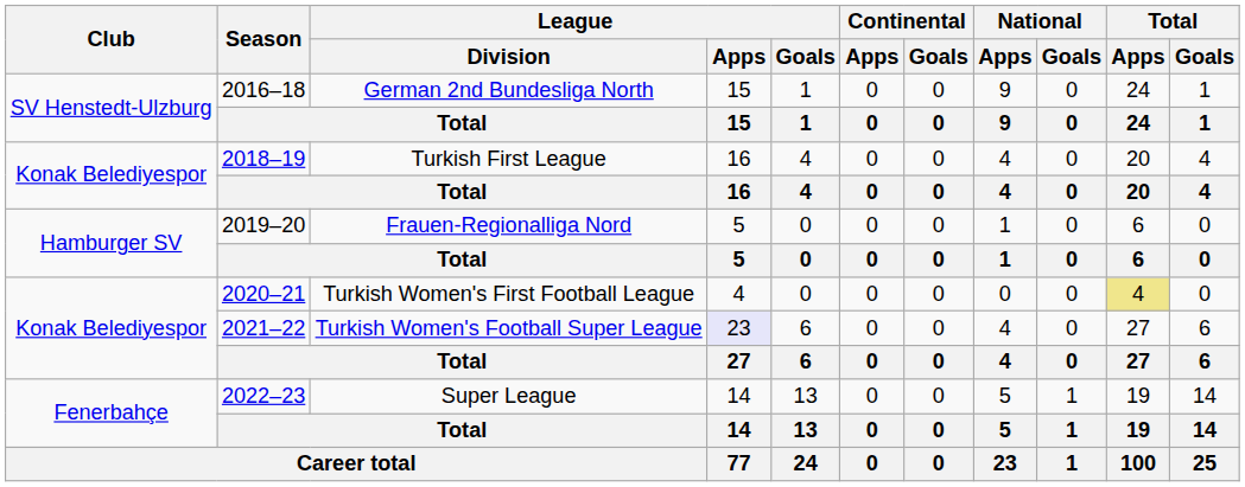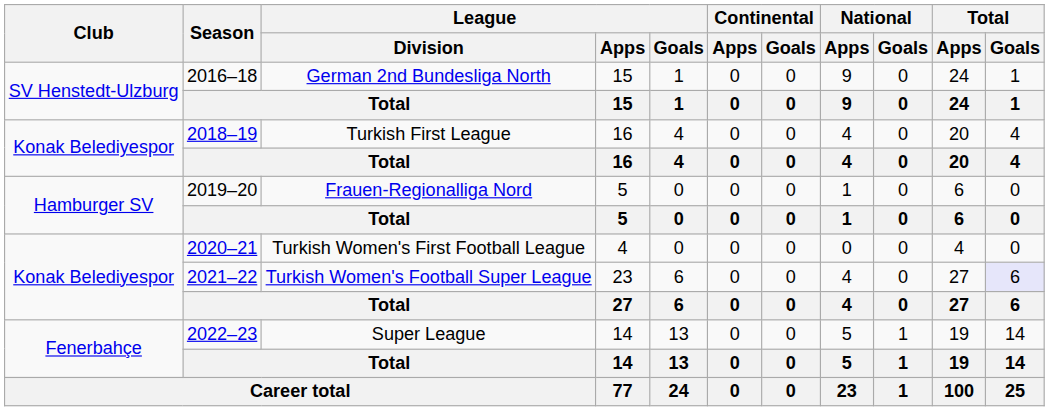 <table class="wikitable" style="text-align: center;">
 <tr>
 <th rowspan="2">Club</th>
 <th rowspan="2">Season</th>
 <th colspan="3">League</th>
 <th colspan="2">Continental</th>
 <th colspan="2">National</th>
 <th colspan="2">Total</th>
 </tr>
 <tr>
 <th>Division</th>
 <th>Apps</th>
 <th>Goals</th>
 <th>Apps</th>
 <th>Goals</th>
 <th>Apps</th>
 <th>Goals</th>
 <th>Apps</th>
 <th>Goals</th>
 </tr>
 <tr>
 <td rowspan=2><a href='#'>SV Henstedt-Ulzburg</a></td>
 <td>2016–18</td>
 <td><a href='#'>German 2nd Bundesliga North</a></td>
 <td>15</td>
 <td>1</td>
 <td>0</td>
 <td>0</td>
 <td>9</td>
 <td>0</td>
 <td>24</td>
 <td>1</td>
 </tr>
 <tr>
 <th colspan=2>Total</th>
 <th>15</th>
 <th>1</th>
 <th>0</th>
 <th>0</th>
 <th>9</th>
 <th>0</th>
 <th>24</th>
 <th>1</th>
 </tr>
 <tr>
 <td rowspan=2><a href='#'>Konak Belediyespor</a></td>
 <td><a href='#'>2018–19</a></td>
 <td>Turkish First League</td>
 <td>16</td>
 <td>4</td>
 <td>0</td>
 <td>0</td>
 <td>4</td>
 <td>0</td>
 <td>20</td>
 <td>4</td>
 </tr>
 <tr>
 <th colspan=2>Total</th>
 <th>16</th>
 <th>4</th>
 <th>0</th>
 <th>0</th>
 <th>4</th>
 <th>0</th>
 <th>20</th>
 <th>4</th>
 </tr>
 <tr>
 <td rowspan=2><a href='#'>Hamburger SV</a></td>
 <td>2019–20</td>
 <td><a href='#'>Frauen-Regionalliga Nord</a></td>
 <td>5</td>
 <td>0</td>
 <td>0</td>
 <td>0</td>
 <td>1</td>
 <td>0</td>
 <td>6</td>
 <td>0</td>
 </tr>
 <tr>
 <th colspan=2>Total</th>
 <th>5</th>
 <th>0</th>
 <th>0</th>
 <th>0</th>
 <th>1</th>
 <th>0</th>
 <th>6</th>
 <th>0</th>
 </tr>
 <tr>
 <td rowspan=3><a href='#'>Konak Belediyespor</a></td>
 <td><a href='#'>2020–21</a></td>
 <td>Turkish Women's First Football League</td>
 <td>4</td>
 <td>0</td>
 <td>0</td>
 <td>0</td>
 <td>0</td>
 <td>0</td>
-<td style="background: khaki;">4</td>
+<td>4</td>
 <td>0</td>
 </tr>
 <tr>
 <td><a href='#'>2021–22</a></td>
 <td><a href='#'>Turkish Women's Football Super League</a></td>
-<td style="background: lavender;">23</td>
+<td>23</td>
 <td>6</td>
 <td>0</td>
 <td>0</td>
 <td>4</td>
 <td>0</td>
 <td>27</td>
-<td>6</td>
+<td style="background: lavender;">6</td>
 </tr>
 <tr>
 <th colspan=2>Total</th>
 <th>27</th>
 <th>6</th>
 <th>0</th>
 <th>0</th>
 <th>4</th>
 <th>0</th>
 <th>27</th>
 <th>6</th>
 </tr>
 <tr>
 <td rowspan=2><a href='#'>Fenerbahçe</a></td>
 <td><a href='#'>2022–23</a></td>
 <td>Super League</td>
 <td>14</td>
 <td>13</td>
 <td>0</td>
 <td>0</td>
 <td>5</td>
 <td>1</td>
 <td>19</td>
 <td>14</td>
 </tr>
 <tr>
 <th colspan=2>Total</th>
 <th>14</th>
 <th>13</th>
 <th>0</th>
 <th>0</th>
 <th>5</th>
 <th>1</th>
 <th>19</th>
 <th>14</th>
 </tr>
 <tr>
 <th colspan=3>Career total</th>
 <th>77</th>
 <th>24</th>
 <th>0</th>
 <th>0</th>
 <th>23</th>
 <th>1</th>
 <th>100</th>
 <th>25</th>
 </tr>
 </table>
